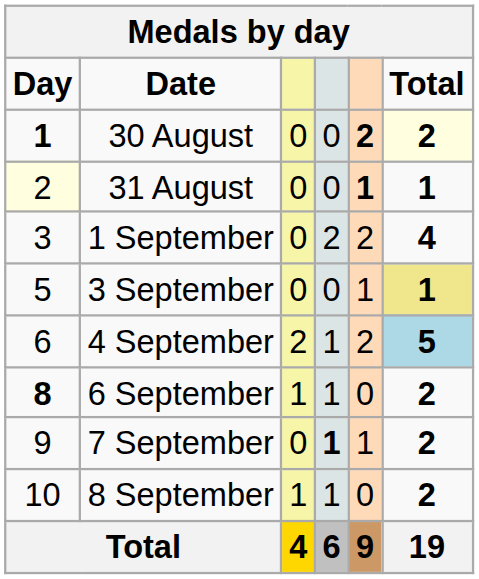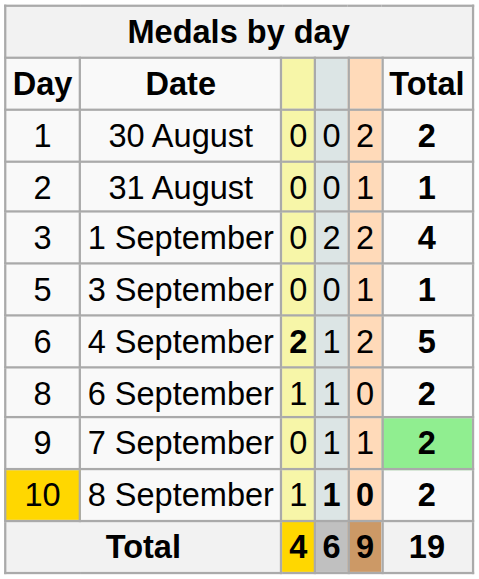 <table class=wikitable style="font-size:90%; float:right;clear:right;margin-left:0.5em;">
 <tr align=center>
 <th colspan=7>Medals by day</th>
 </tr>
 <tr align=center>
 <td><strong>Day</strong></td>
 <td><strong>Date</strong></td>
 <td style="background:#f7f6a8;"></td>
 <td style="background:#dce5e5;"></td>
 <td style="background:#ffdab9;"></td>
 <td><strong>Total</strong></td>
 </tr>
 <tr align=center>
-<td><strong>1</strong></td>
+<td>1</td>
 <td>30 August</td>
 <td style="background:#f7f6a8;">0</td>
 <td style="background:#dce5e5;">0</td>
-<td style="background:#ffdab9;"><strong>2</strong></td>
-<td style="background: lightyellow;"><strong>2</strong></td>
+<td style="background:#ffdab9;">2</td>
+<td><strong>2</strong></td>
 </tr>
 <tr align=center>
-<td style="background: lightyellow;">2</td>
+<td>2</td>
 <td>31 August</td>
 <td style="background:#f7f6a8;">0</td>
 <td style="background:#dce5e5;">0</td>
-<td style="background:#ffdab9;"><strong>1</strong></td>
+<td style="background:#ffdab9;">1</td>
 <td><strong>1</strong></td>
 </tr>
 <tr align=center>
 <td>3</td>
 <td>1 September</td>
 <td style="background:#f7f6a8;">0</td>
 <td style="background:#dce5e5;">2</td>
 <td style="background:#ffdab9;">2</td>
 <td><strong>4</strong></td>
 </tr>
 <tr align=center>
 <td>5</td>
 <td>3 September</td>
 <td style="background:#f7f6a8;">0</td>
 <td style="background:#dce5e5;">0</td>
 <td style="background:#ffdab9;">1</td>
-<td style="background: khaki;"><strong>1</strong></td>
+<td><strong>1</strong></td>
 </tr>
 <tr align=center>
 <td>6</td>
 <td>4 September</td>
-<td style="background:#f7f6a8;">2</td>
+<td style="background:#f7f6a8;"><strong>2</strong></td>
 <td style="background:#dce5e5;">1</td>
 <td style="background:#ffdab9;">2</td>
-<td style="background: lightblue;"><strong>5</strong></td>
+<td><strong>5</strong></td>
 </tr>
 <tr align=center>
-<td><strong>8</strong></td>
+<td>8</td>
 <td>6 September</td>
 <td style="background:#f7f6a8;">1</td>
 <td style="background:#dce5e5;">1</td>
 <td style="background:#ffdab9;">0</td>
 <td><strong>2</strong></td>
 </tr>
 <tr align=center>
 <td>9</td>
 <td>7 September</td>
 <td style="background:#f7f6a8;">0</td>
-<td style="background:#dce5e5;"><strong>1</strong></td>
+<td style="background:#dce5e5;">1</td>
 <td style="background:#ffdab9;">1</td>
-<td><strong>2</strong></td>
+<td style="background: lightgreen;"><strong>2</strong></td>
 </tr>
 <tr align=center>
-<td>10</td>
+<td style="background: gold;">10</td>
 <td>8 September</td>
 <td style="background:#f7f6a8;">1</td>
-<td style="background:#dce5e5;">1</td>
-<td style="background:#ffdab9;">0</td>
+<td style="background:#dce5e5;"><strong>1</strong></td>
+<td style="background:#ffdab9;"><strong>0</strong></td>
 <td><strong>2</strong></td>
 </tr>
 <tr style="text-align:center">
 <th colspan=2>Total</th>
 <th style="background:gold">4</th>
 <th style="background:silver">6</th>
 <th style="background:#c96">9</th>
 <th>19</th>
 </tr>
 </table>
